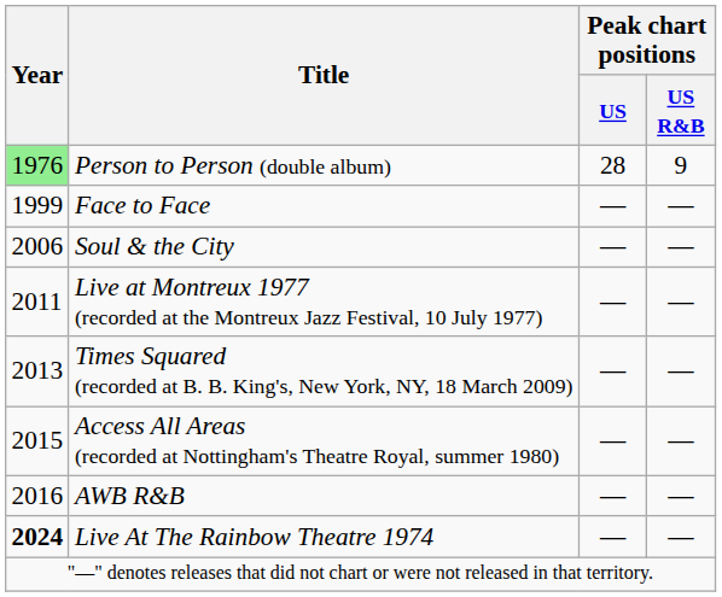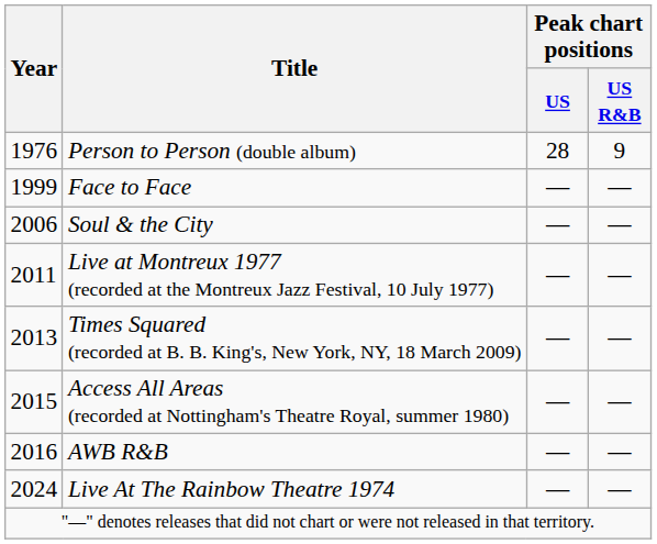 <table class="wikitable">
 <tr>
 <th rowspan="2">Year</th>
 <th rowspan="2">Title</th>
 <th colspan="2">Peak chart positions</th>
 </tr>
 <tr>
 <th style="text-align:center; width:35px;"><small><a href='#'>US</a></small><br></th>
 <th style="text-align:center; width:35px;"><small><a href='#'>US R&B</a></small><br></th>
 </tr>
 <tr>
-<td style="background: lightgreen;">1976</td>
+<td>1976</td>
 <td><em>Person to Person</em> <small>(double album)</small></td>
 <td style="text-align:center;">28</td>
 <td style="text-align:center;">9</td>
 </tr>
 <tr>
 <td>1999</td>
 <td><em>Face to Face</em></td>
 <td style="text-align:center;">—</td>
 <td style="text-align:center;">—</td>
 </tr>
 <tr>
 <td>2006</td>
 <td><em>Soul & the City</em></td>
 <td style="text-align:center;">—</td>
 <td style="text-align:center;">—</td>
 </tr>
 <tr>
 <td>2011</td>
 <td><em>Live at Montreux 1977</em> <br><small>(recorded at the Montreux Jazz Festival, 10 July 1977)</small></td>
 <td style="text-align:center;">—</td>
 <td style="text-align:center;">—</td>
 </tr>
 <tr>
 <td>2013</td>
 <td><em>Times Squared</em> <br><small>(recorded at B. B. King's, New York, NY, 18 March 2009)</small></td>
 <td style="text-align:center;">—</td>
 <td style="text-align:center;">—</td>
 </tr>
 <tr>
 <td>2015</td>
 <td><em>Access All Areas</em> <br><small>(recorded at Nottingham's Theatre Royal, summer 1980)</small></td>
 <td style="text-align:center;">—</td>
 <td style="text-align:center;">—</td>
 </tr>
 <tr>
 <td>2016</td>
 <td><em>AWB R&B</em></td>
 <td style="text-align:center;">—</td>
 <td style="text-align:center;">—</td>
 </tr>
 <tr>
-<td><strong>2024</strong></td>
+<td>2024</td>
 <td><em>Live At The Rainbow Theatre 1974</em></td>
 <td style="text-align:center;">—</td>
 <td style="text-align:center;">—</td>
 </tr>
 <tr>
 <td colspan="4" style="text-align:center; font-size:9pt;">"—" denotes releases that did not chart or were not released in that territory.</td>
 </tr>
 </table>
